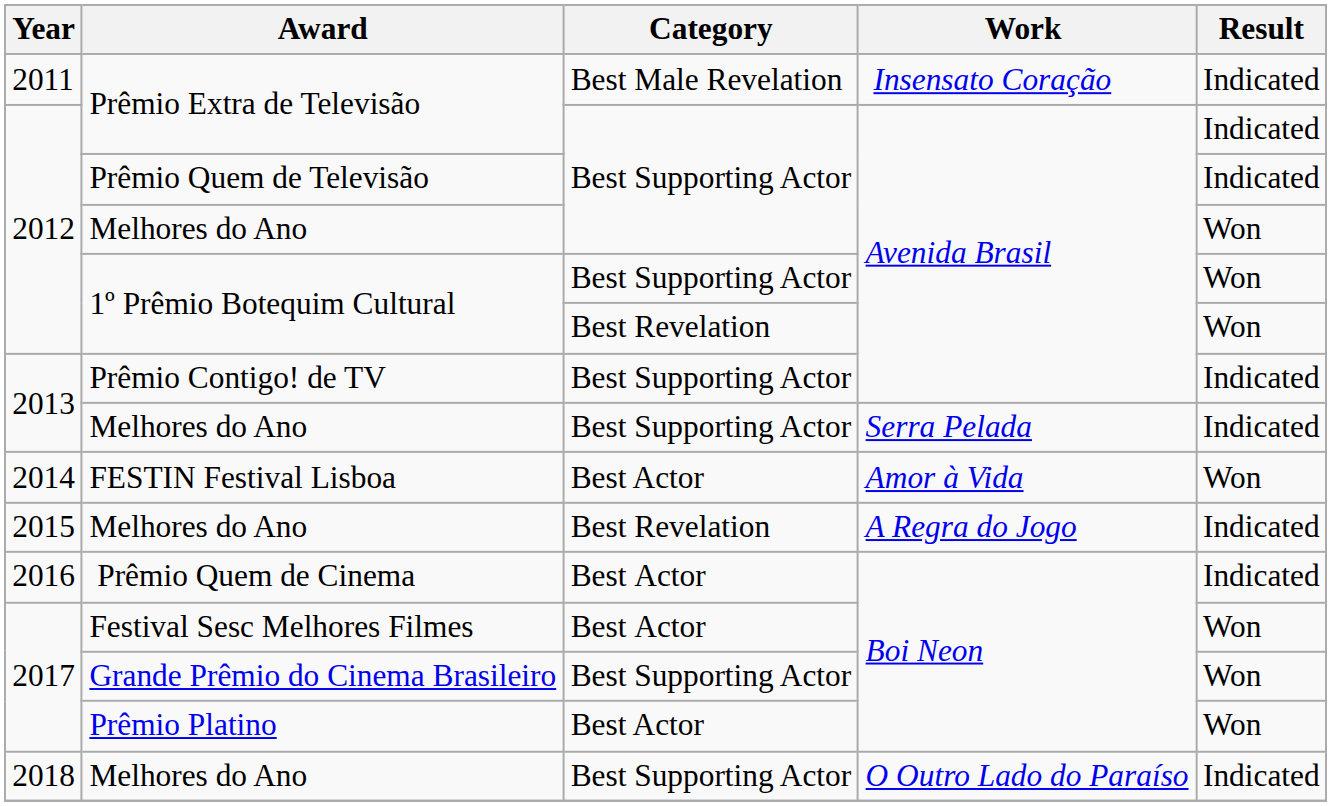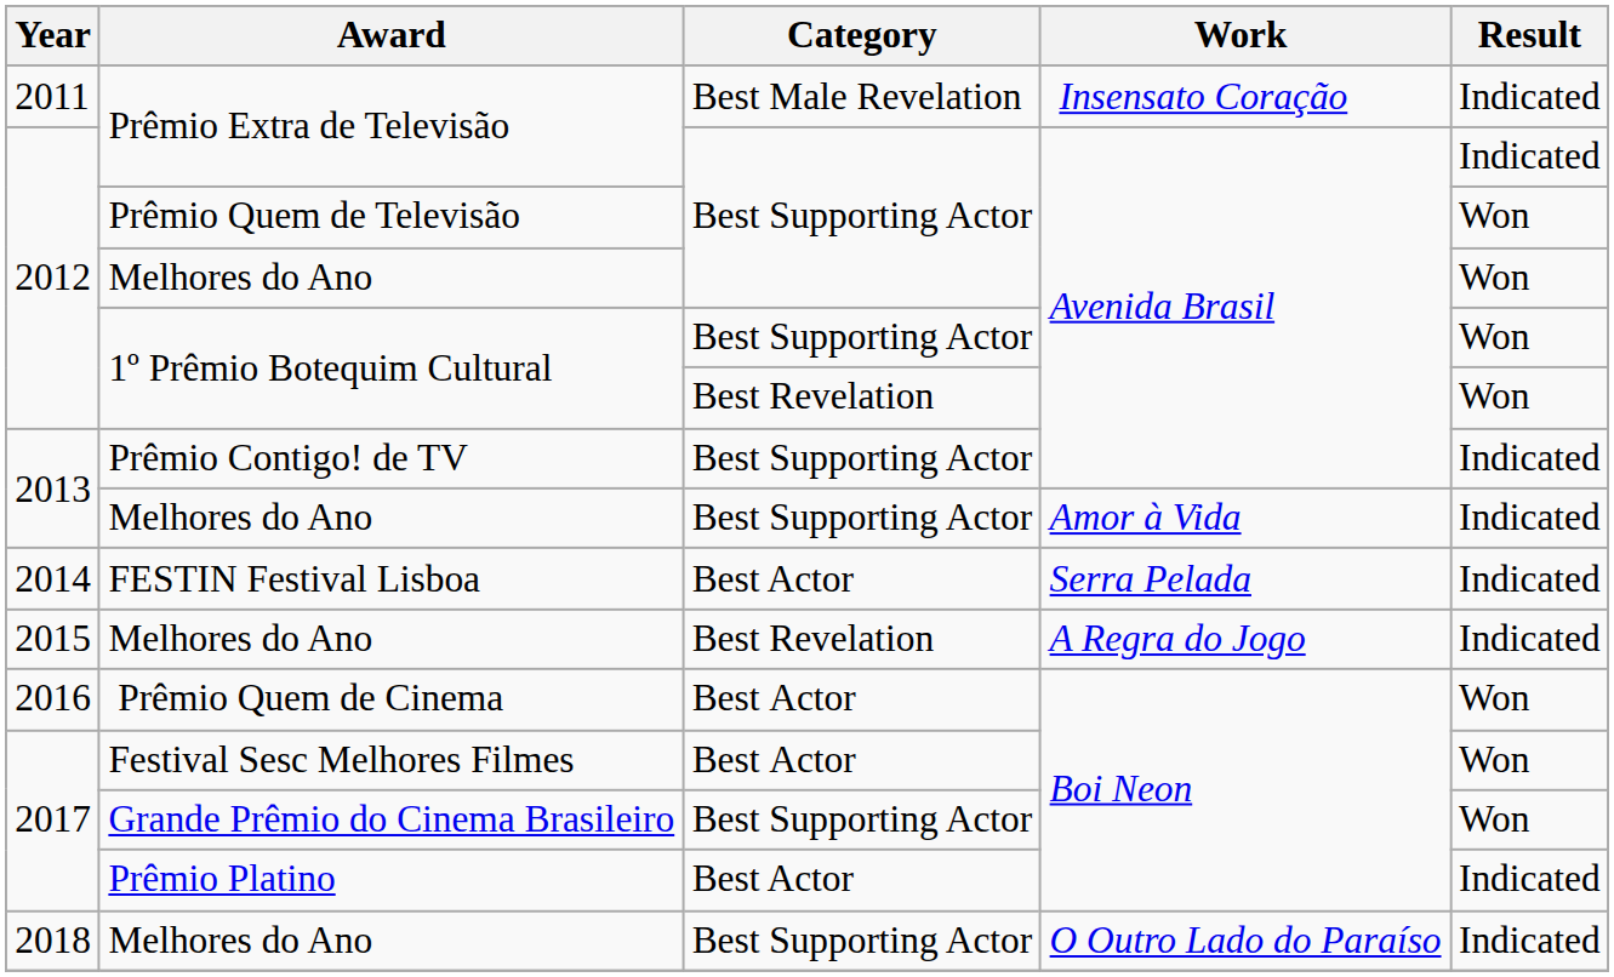 <table class="wikitable">
 <tr>
 <th>Year</th>
 <th>Award</th>
 <th>Category</th>
 <th>Work </th>
 <th>Result</th>
 </tr>
 <tr>
 <td>2011</td>
 <td rowspan="2">Prêmio Extra de Televisão</td>
 <td>Best Male Revelation</td>
 <td> <em><a href='#'>Insensato Coração</a></em></td>
 <td>Indicated</td>
 </tr>
 <tr>
 <td rowspan=5>2012</td>
 <td rowspan=3>Best Supporting Actor</td>
 <td rowspan=6><em><a href='#'> Avenida Brasil</a></em></td>
 <td>Indicated</td>
 </tr>
 <tr>
 <td>Prêmio Quem de Televisão</td>
-<td>Indicated</td>
+<td>Won</td>
 </tr>
 <tr>
 <td>Melhores do Ano</td>
 <td>Won</td>
 </tr>
 <tr>
 <td rowspan=2>1º Prêmio Botequim Cultural</td>
 <td>Best Supporting Actor</td>
 <td>Won</td>
 </tr>
 <tr>
 <td>Best Revelation</td>
 <td>Won</td>
 </tr>
 <tr>
 <td rowspan="2">2013</td>
 <td>Prêmio Contigo! de TV</td>
 <td>Best Supporting Actor</td>
 <td>Indicated</td>
 </tr>
 <tr>
 <td>Melhores do Ano</td>
 <td>Best Supporting Actor</td>
-<td><em><a href='#'>Serra Pelada</a></em></td>
+<td><em><a href='#'>Amor à Vida</a></em></td>
 <td>Indicated</td>
 </tr>
 <tr>
 <td>2014</td>
 <td>FESTIN Festival Lisboa</td>
 <td>Best Actor</td>
-<td><em><a href='#'>Amor à Vida</a></em></td>
-<td>Won</td>
+<td><em><a href='#'>Serra Pelada</a></em></td>
+<td>Indicated</td>
 </tr>
 <tr>
 <td>2015</td>
 <td>Melhores do Ano</td>
 <td>Best Revelation</td>
 <td><em><a href='#'>A Regra do Jogo</a></em></td>
 <td>Indicated</td>
 </tr>
 <tr>
 <td>2016</td>
 <td> Prêmio Quem de Cinema</td>
 <td>Best Actor</td>
 <td rowspan=4><em><a href='#'>Boi Neon</a></em></td>
-<td>Indicated</td>
+<td>Won</td>
 </tr>
 <tr>
 <td rowspan=3>2017</td>
 <td>Festival Sesc Melhores Filmes</td>
 <td>Best Actor</td>
 <td>Won</td>
 </tr>
 <tr>
 <td><a href='#'>Grande Prêmio do Cinema Brasileiro</a></td>
 <td>Best Supporting Actor</td>
 <td>Won</td>
 </tr>
 <tr>
 <td><a href='#'>Prêmio Platino</a></td>
 <td>Best Actor</td>
-<td>Won</td>
+<td>Indicated</td>
 </tr>
 <tr>
 <td>2018</td>
 <td>Melhores do Ano</td>
 <td>Best Supporting Actor</td>
 <td><em><a href='#'>O Outro Lado do Paraíso</a></em></td>
 <td>Indicated</td>
 </tr>
 <tr>
 </tr>
 </table>
